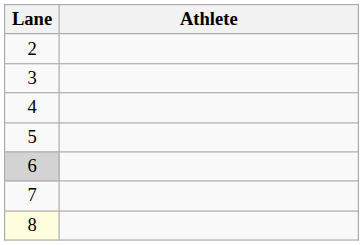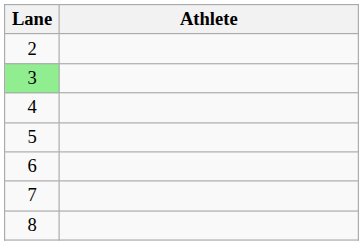 <table class="wikitable sortable" style="text-align:center">
 <tr>
 <th width=40>Lane</th>
 <th width=250>Athlete</th>
 </tr>
 <tr>
 <td>2</td>
 <td align=left></td>
 </tr>
 <tr>
-<td>3</td>
+<td style="background: lightgreen;">3</td>
 <td align=left></td>
 </tr>
 <tr>
 <td>4</td>
 <td align=left></td>
 </tr>
 <tr>
 <td>5</td>
 <td align=left></td>
 </tr>
 <tr>
-<td style="background: lightgrey;">6</td>
+<td>6</td>
 <td align=left></td>
 </tr>
 <tr>
 <td>7</td>
 <td align=left></td>
 </tr>
 <tr>
-<td style="background: lightyellow;">8</td>
+<td>8</td>
 <td align=left></td>
 </tr>
 </table>
